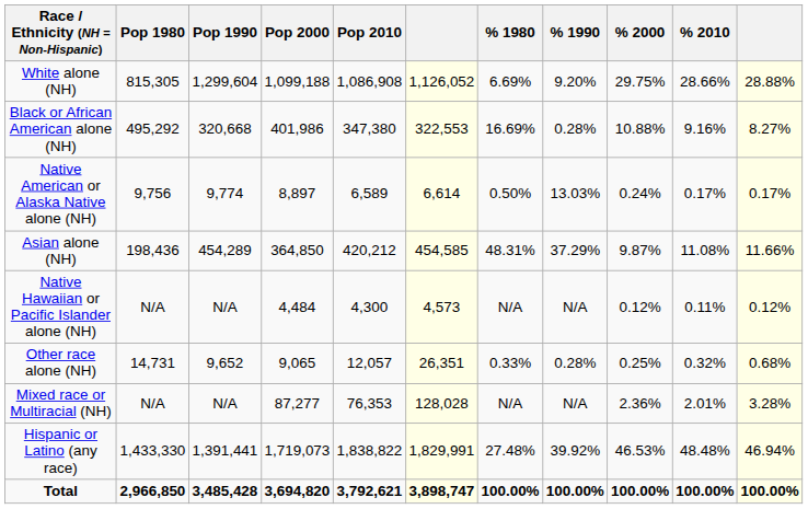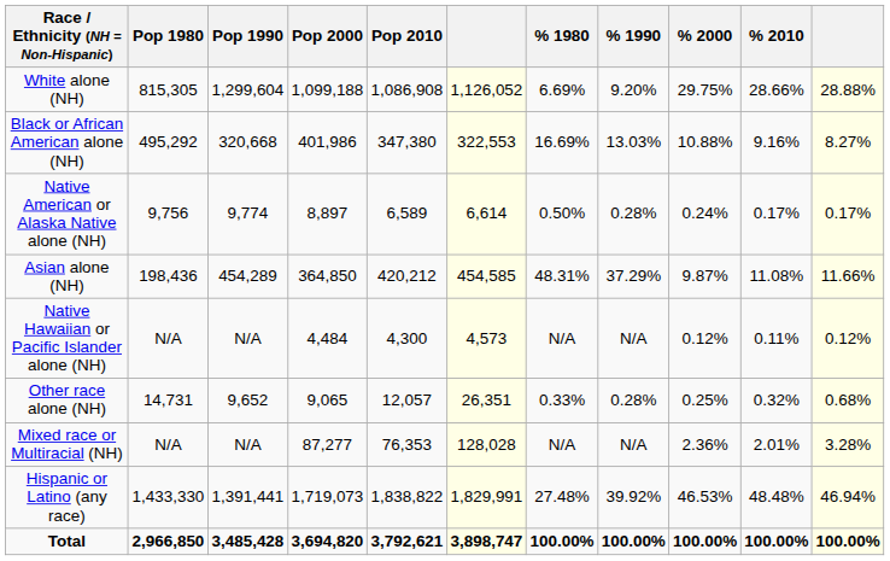 <table class="wikitable" style="text-align:center;">
 <tr>
 <th>Race / Ethnicity <small>(<em>NH = Non-Hispanic</em>)</small></th>
 <th>Pop 1980</th>
 <th>Pop 1990</th>
 <th>Pop 2000</th>
 <th>Pop 2010</th>
 <th></th>
 <th>% 1980</th>
 <th>% 1990</th>
 <th>% 2000</th>
 <th>% 2010</th>
 <th></th>
 </tr>
 <tr>
 <td><a href='#'>White</a> alone (NH)</td>
 <td>815,305</td>
 <td>1,299,604</td>
 <td>1,099,188</td>
 <td>1,086,908</td>
 <td style='background: #ffffe6;'>1,126,052</td>
 <td>6.69%</td>
 <td>9.20%</td>
 <td>29.75%</td>
 <td>28.66%</td>
 <td style='background: #ffffe6;'>28.88%</td>
 </tr>
 <tr>
 <td><a href='#'>Black or African American</a> alone (NH)</td>
 <td>495,292</td>
 <td>320,668</td>
 <td>401,986</td>
 <td>347,380</td>
 <td style='background: #ffffe6;'>322,553</td>
 <td>16.69%</td>
-<td>0.28%</td>
+<td>13.03%</td>
 <td>10.88%</td>
 <td>9.16%</td>
 <td style='background: #ffffe6;'>8.27%</td>
 </tr>
 <tr>
 <td><a href='#'>Native American</a> or <a href='#'>Alaska Native</a> alone (NH)</td>
 <td>9,756</td>
 <td>9,774</td>
 <td>8,897</td>
 <td>6,589</td>
 <td style='background: #ffffe6;'>6,614</td>
 <td>0.50%</td>
-<td>13.03%</td>
+<td>0.28%</td>
 <td>0.24%</td>
 <td>0.17%</td>
 <td style='background: #ffffe6;'>0.17%</td>
 </tr>
 <tr>
 <td><a href='#'>Asian</a> alone (NH)</td>
 <td>198,436</td>
 <td>454,289</td>
 <td>364,850</td>
 <td>420,212</td>
 <td style='background: #ffffe6;'>454,585</td>
 <td>48.31%</td>
 <td>37.29%</td>
 <td>9.87%</td>
 <td>11.08%</td>
 <td style='background: #ffffe6;'>11.66%</td>
 </tr>
 <tr>
 <td><a href='#'>Native Hawaiian</a> or <a href='#'>Pacific Islander</a> alone (NH)</td>
 <td>N/A</td>
 <td>N/A</td>
 <td>4,484</td>
 <td>4,300</td>
 <td style='background: #ffffe6;'>4,573</td>
 <td>N/A</td>
 <td>N/A</td>
 <td>0.12%</td>
 <td>0.11%</td>
 <td style='background: #ffffe6;'>0.12%</td>
 </tr>
 <tr>
 <td><a href='#'>Other race</a> alone (NH)</td>
 <td>14,731</td>
 <td>9,652</td>
 <td>9,065</td>
 <td>12,057</td>
 <td style='background: #ffffe6;'>26,351</td>
 <td>0.33%</td>
 <td>0.28%</td>
 <td>0.25%</td>
 <td>0.32%</td>
 <td style='background: #ffffe6;'>0.68%</td>
 </tr>
 <tr>
 <td><a href='#'>Mixed race or Multiracial</a> (NH)</td>
 <td>N/A</td>
 <td>N/A</td>
 <td>87,277</td>
 <td>76,353</td>
 <td style='background: #ffffe6;'>128,028</td>
 <td>N/A</td>
 <td>N/A</td>
 <td>2.36%</td>
 <td>2.01%</td>
 <td style='background: #ffffe6;'>3.28%</td>
 </tr>
 <tr>
 <td><a href='#'>Hispanic or Latino</a> (any race)</td>
 <td>1,433,330</td>
 <td>1,391,441</td>
 <td>1,719,073</td>
 <td>1,838,822</td>
 <td style='background: #ffffe6;'>1,829,991</td>
 <td>27.48%</td>
 <td>39.92%</td>
 <td>46.53%</td>
 <td>48.48%</td>
 <td style='background: #ffffe6;'>46.94%</td>
 </tr>
 <tr>
 <td><strong>Total</strong></td>
 <td><strong>2,966,850</strong></td>
 <td><strong>3,485,428</strong></td>
 <td><strong>3,694,820</strong></td>
 <td><strong>3,792,621</strong></td>
 <td style='background: #ffffe6;'><strong>3,898,747</strong></td>
 <td><strong>100.00%</strong></td>
 <td><strong>100.00%</strong></td>
 <td><strong>100.00%</strong></td>
 <td><strong>100.00%</strong></td>
 <td style='background: #ffffe6;'><strong>100.00%</strong></td>
 </tr>
 </table>
